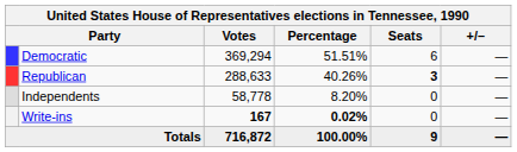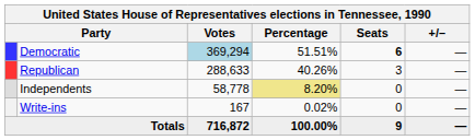 <table class="wikitable" style="font-size: 95%;">
 <tr>
 <th colspan="6">United States House of Representatives elections in Tennessee, 1990</th>
 </tr>
 <tr>
 <th colspan="2" style="width: 15em">Party</th>
 <th style="width: 5em">Votes</th>
 <th style="width: 7em">Percentage</th>
 <th style="width: 5em">Seats</th>
 <th style="width: 5em">+/–</th>
 </tr>
 <tr>
 <th style="background-color:#3333FF; width: 3px"></th>
 <td style="width: 130px"><a href='#'>Democratic</a></td>
-<td align="right">369,294</td>
+<td align="right" style="background: lightblue;">369,294</td>
 <td align="right">51.51%</td>
-<td align="right">6</td>
+<td align="right"><strong>6</strong></td>
 <td align="right">—</td>
 </tr>
 <tr>
 <th style="background-color:#FF3333; width: 3px"></th>
 <td style="width: 130px"><a href='#'>Republican</a></td>
 <td align="right">288,633</td>
 <td align="right">40.26%</td>
-<td align="right"><strong>3</strong></td>
+<td align="right">3</td>
 <td align="right">—</td>
 </tr>
 <tr>
 <th style="background-color:#DDDDDD; width: 3px"></th>
 <td style="width: 130px">Independents</td>
 <td align="right">58,778</td>
-<td align="right">8.20%</td>
+<td align="right" style="background: khaki;">8.20%</td>
 <td align="right">0</td>
 <td align="right">—</td>
 </tr>
 <tr>
 <th></th>
 <td><a href='#'>Write-ins</a></td>
-<td align="right"><strong>167</strong></td>
-<td align="right"><strong>0.02%</strong></td>
+<td align="right">167</td>
+<td align="right">0.02%</td>
 <td align="right">0</td>
 <td align="right">—</td>
 </tr>
 <tr bgcolor="#EEEEEE">
 <td colspan="2" align="right"><strong>Totals</strong></td>
 <td align="right"><strong>716,872</strong></td>
 <td align="right"><strong>100.00%</strong></td>
 <td align="right"><strong>9</strong></td>
 <td align="right"><strong>—</strong></td>
 </tr>
 </table>
